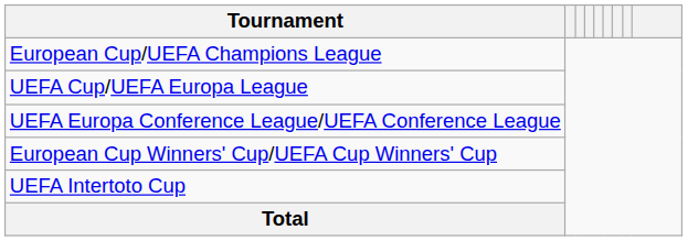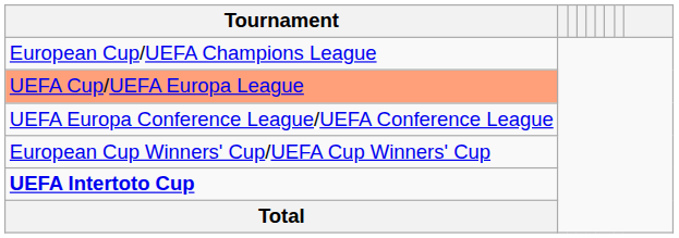 <table class="wikitable" style="text-align: center; font-size: 97%;">
 <tr>
 <th>Tournament</th>
 <th scope=col></th>
 <th scope=col></th>
 <th scope=col></th>
 <th scope=col></th>
 <th scope=col></th>
 <th scope=col></th>
 <th scope=col></th>
 <th style="width:2em"></th>
 </tr>
 <tr>
 <td align=left><a href='#'>European Cup</a>/<a href='#'>UEFA Champions League</a><br></td>
 </tr>
 <tr>
-<td align=left><a href='#'>UEFA Cup</a>/<a href='#'>UEFA Europa League</a><br></td>
+<td align=left style="background: lightsalmon;"><a href='#'>UEFA Cup</a>/<a href='#'>UEFA Europa League</a><br></td>
 </tr>
 <tr>
 <td align=left><a href='#'>UEFA Europa Conference League</a>/<a href='#'>UEFA Conference League</a><br></td>
 </tr>
 <tr>
 <td align=left><a href='#'>European Cup Winners' Cup</a>/<a href='#'>UEFA Cup Winners' Cup</a><br></td>
 </tr>
 <tr>
-<td align=left><a href='#'>UEFA Intertoto Cup</a><br></td>
+<td align=left><strong><a href='#'>UEFA Intertoto Cup</a><br></strong></td>
 </tr>
 <tr class=sortbottom>
 <th><strong>Total</strong><br></th>
 </tr>
 </table>
